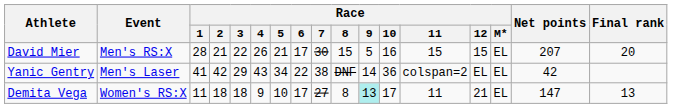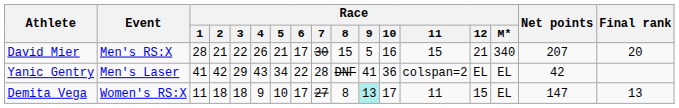 <table class="wikitable" style="font-size:90%">
 <tr>
 <th rowspan="2">Athlete</th>
 <th rowspan="2">Event</th>
 <th colspan=13>Race</th>
 <th rowspan=2>Net points</th>
 <th rowspan=2>Final rank</th>
 </tr>
 <tr style="font-size:95%">
 <th>1</th>
 <th>2</th>
 <th>3</th>
 <th>4</th>
 <th>5</th>
 <th>6</th>
 <th>7</th>
 <th>8</th>
 <th>9</th>
 <th>10</th>
 <th>11</th>
 <th>12</th>
 <th>M*</th>
 </tr>
 <tr align=center>
 <td align=left><a href='#'>David Mier</a></td>
 <td align=left><a href='#'>Men's RS:X</a></td>
 <td>28</td>
 <td>21</td>
 <td>22</td>
 <td>26</td>
 <td>21</td>
 <td>17</td>
 <td><s>30</s></td>
 <td>15</td>
 <td>5</td>
 <td>16</td>
 <td>15</td>
-<td>15</td>
-<td>EL</td>
+<td>21</td>
+<td>340</td>
 <td>207</td>
 <td>20</td>
 </tr>
 <tr align=center>
 <td align=left><a href='#'>Yanic Gentry</a></td>
 <td align=left><a href='#'>Men's Laser</a></td>
 <td>41</td>
 <td>42</td>
 <td>29</td>
 <td>43</td>
 <td>34</td>
 <td>22</td>
-<td>38</td>
+<td>28</td>
 <td><s>DNF</s></td>
-<td>14</td>
+<td>41</td>
 <td>36</td>
 <td>colspan=2 </td>
 <td>EL</td>
 <td>EL</td>
 <td>42</td>
 </tr>
 <tr align=center>
 <td align=left><a href='#'>Demita Vega</a></td>
 <td align=left><a href='#'>Women's RS:X</a></td>
 <td>11</td>
 <td>18</td>
 <td>18</td>
 <td>9</td>
 <td>10</td>
 <td>17</td>
 <td><s>27</s></td>
 <td>8</td>
 <td style="background: paleturquoise;">13</td>
 <td>17</td>
 <td>11</td>
-<td>21</td>
+<td>15</td>
 <td>EL</td>
 <td>147</td>
 <td>13</td>
 </tr>
 </table>
